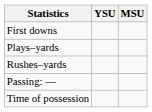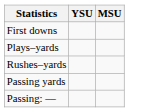 <table class="wikitable" style="float:left">
 <tr>
 <th>Statistics</th>
 <th>YSU</th>
 <th>MSU</th>
 </tr>
 <tr>
 <td>First downs</td>
 <td></td>
 <td></td>
 </tr>
 <tr>
 <td>Plays–yards</td>
 <td></td>
 <td></td>
 </tr>
 <tr>
 <td>Rushes–yards</td>
 <td></td>
 <td></td>
 </tr>
 <tr>
+<td>Passing yards</td>
+<td></td>
+<td></td>
+</tr>
+<tr>
 <td>Passing: ––</td>
 <td></td>
 <td></td>
 </tr>
-<tr>
-<td>Time of possession</td>
-<td></td>
-<td></td>
-</tr>
 </table>
